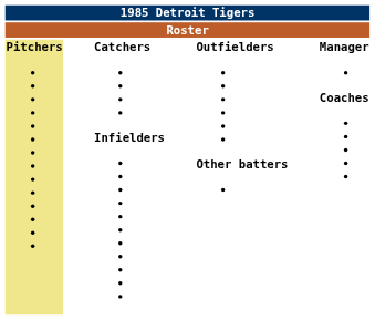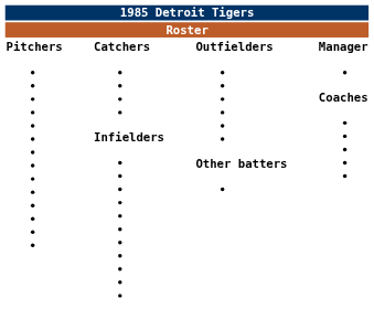 <table class="toccolours" style="font-size: 95%;">
 <tr>
 <th colspan="10" style="background-color: #003366; color: #FFFFFF; text-align: center;">1985 Detroit Tigers</th>
 </tr>
 <tr>
 <td colspan="10" style="background-color: #bd5d29; color: white; text-align: center;"><strong>Roster</strong></td>
 </tr>
 <tr>
-<td valign="top" style="background: khaki;"><strong>Pitchers</strong><br><ul><li></li><li></li><li></li><li></li><li></li><li></li><li></li><li></li><li></li><li></li><li></li><li></li><li></li><li></li></ul></td>
+<td valign="top"><strong>Pitchers</strong><br><ul><li></li><li></li><li></li><li></li><li></li><li></li><li></li><li></li><li></li><li></li><li></li><li></li><li></li><li></li></ul></td>
 <td width="25px"></td>
 <td valign="top"><strong>Catchers</strong><br><ul><li></li><li></li><li></li><li></li></ul><strong>Infielders</strong><ul><li></li><li></li><li></li><li></li><li></li><li></li><li></li><li></li><li></li><li></li><li></li></ul></td>
 <td width="25px"></td>
 <td valign="top"><strong>Outfielders</strong><br><ul><li></li><li></li><li></li><li></li><li></li><li></li></ul><strong>Other batters</strong><ul><li></li></ul></td>
 <td width="25px"></td>
 <td valign="top"><strong>Manager</strong><br><ul><li></li></ul><strong>Coaches</strong><ul><li></li><li></li><li></li><li></li><li></li></ul></td>
 </tr>
 <tr>
 </tr>
 </table>
